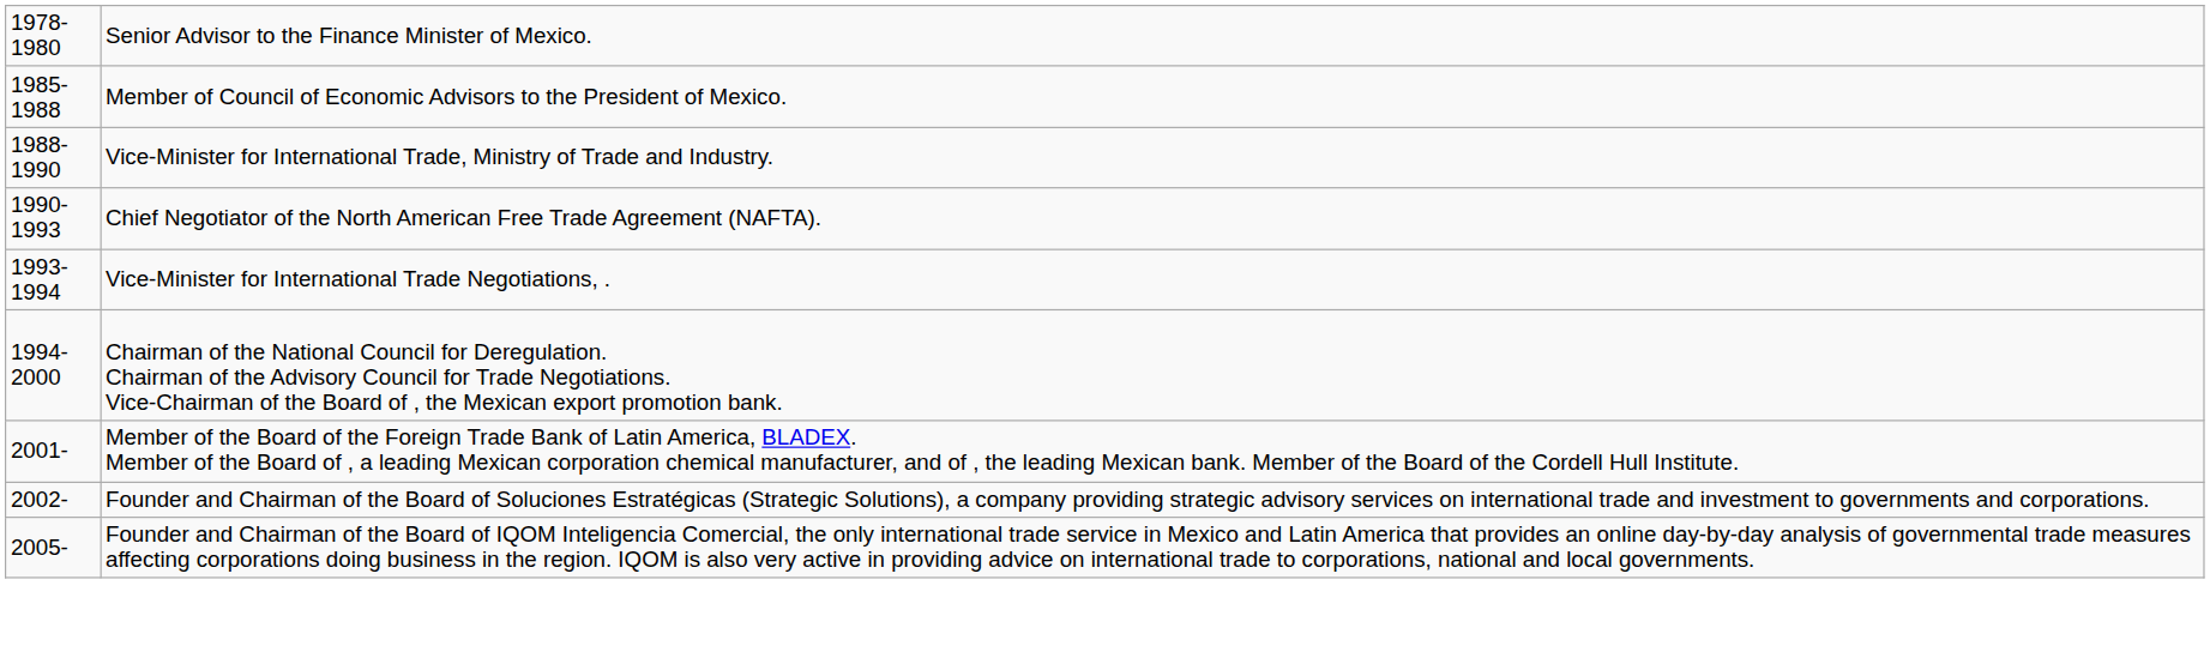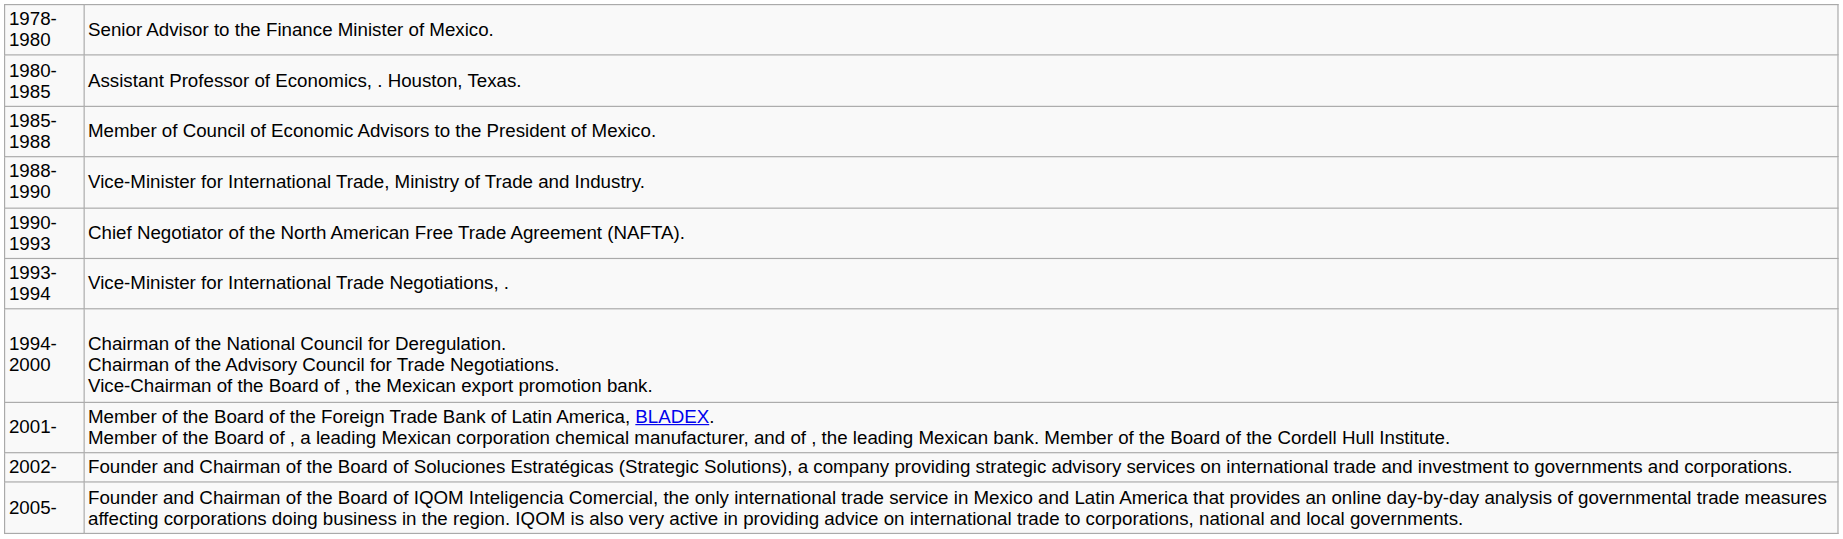 <table class="wikitable">
 <tr>
 <td>1978-1980</td>
 <td>Senior Advisor to the Finance Minister of Mexico.</td>
+</tr>
+<tr>
+<td>1980-1985</td>
+<td>Assistant Professor of Economics, . Houston, Texas.</td>
 </tr>
 <tr>
 <td>1985-1988</td>
 <td>Member of Council of Economic Advisors to the President of Mexico.</td>
 </tr>
 <tr>
 <td>1988-1990</td>
 <td>Vice-Minister for International Trade, Ministry of Trade and Industry.</td>
 </tr>
 <tr>
 <td>1990-1993</td>
 <td>Chief Negotiator of the North American Free Trade Agreement (NAFTA).</td>
 </tr>
 <tr>
 <td>1993-1994</td>
 <td>Vice-Minister for International Trade Negotiations, .</td>
 </tr>
 <tr>
 <td>1994-2000</td>
 <td><br>Chairman of the National Council for Deregulation.<br>Chairman of the Advisory Council for Trade Negotiations.<br>Vice-Chairman of the Board of , the Mexican export promotion bank. </td>
 </tr>
 <tr>
 <td>2001-</td>
 <td>Member of the Board of the Foreign Trade Bank of Latin America, <a href='#'>BLADEX</a>.<br>Member of the Board of , a leading Mexican corporation chemical manufacturer, and of , the leading Mexican bank. Member of the Board of the Cordell Hull Institute.</td>
 </tr>
 <tr>
 <td>2002-</td>
 <td>Founder and Chairman of the Board of Soluciones Estratégicas (Strategic Solutions), a company providing strategic advisory services on international trade and investment to governments and corporations.</td>
 </tr>
 <tr>
 <td>2005-</td>
 <td>Founder and Chairman of the Board of IQOM Inteligencia Comercial, the only international trade service in Mexico and Latin America that provides an online day-by-day analysis of governmental trade measures affecting corporations doing business in the region. IQOM is also very active in providing advice on international trade to corporations, national and local governments.</td>
 </tr>
 </table>
